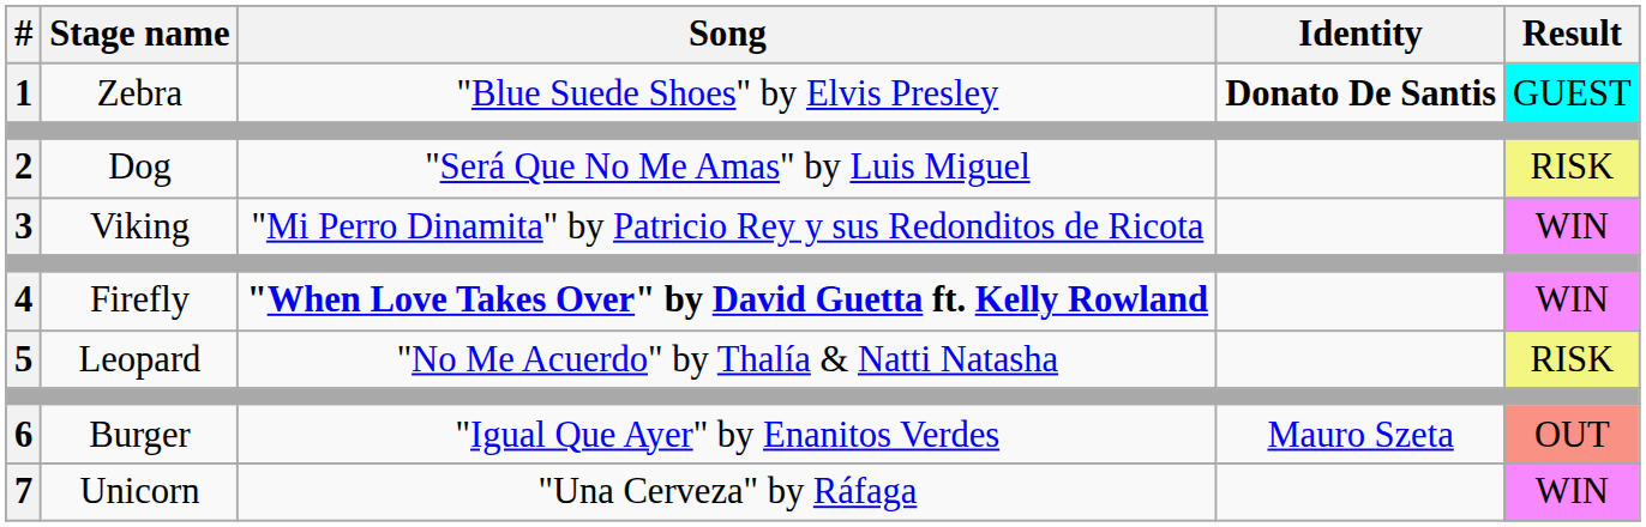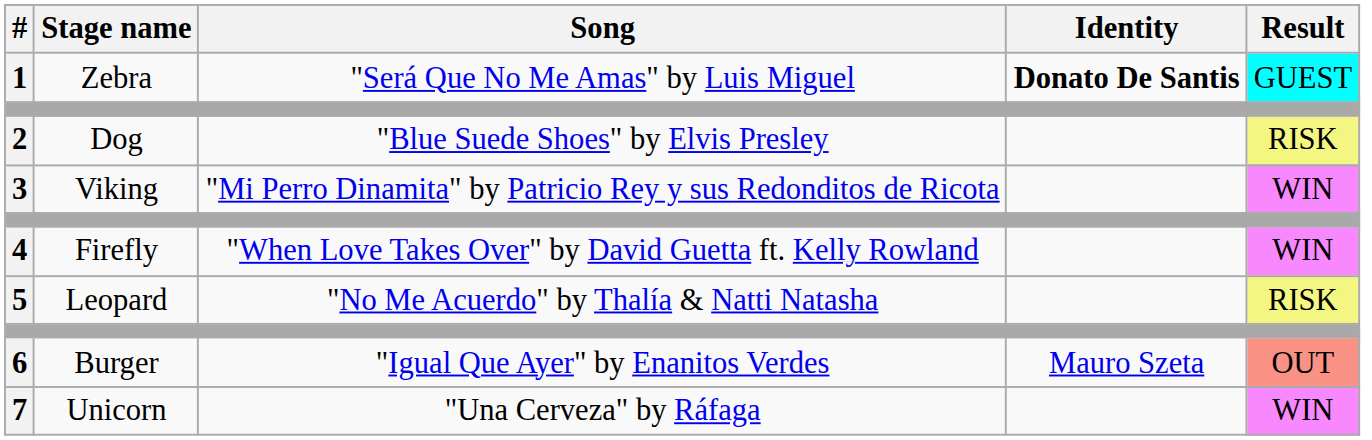 <table class="wikitable plainrowheaders" style="text-align: center;">
 <tr>
 <th>#</th>
 <th>Stage name</th>
 <th>Song</th>
 <th>Identity</th>
 <th>Result</th>
 </tr>
 <tr>
 <th>1</th>
 <td>Zebra</td>
-<td>"<a href='#'>Blue Suede Shoes</a>" by <a href='#'>Elvis Presley</a></td>
+<td>"<a href='#'>Será Que No Me Amas</a>" by <a href='#'>Luis Miguel</a></td>
 <td><strong>Donato De Santis</strong></td>
 <td bgcolor=#00ffff>GUEST</td>
 </tr>
 <tr>
 <td colspan="5" style="background:darkgray"></td>
 </tr>
 <tr>
 <th>2</th>
 <td>Dog</td>
-<td>"<a href='#'>Será Que No Me Amas</a>" by <a href='#'>Luis Miguel</a></td>
+<td>"<a href='#'>Blue Suede Shoes</a>" by <a href='#'>Elvis Presley</a></td>
 <td></td>
 <td bgcolor="#F3F781">RISK</td>
 </tr>
 <tr>
 <th>3</th>
 <td>Viking</td>
 <td>"<a href='#'>Mi Perro Dinamita</a>" by <a href='#'>Patricio Rey y sus Redonditos de Ricota</a></td>
 <td></td>
 <td bgcolor="#F888FD">WIN</td>
 </tr>
 <tr>
 <td colspan="5" style="background:darkgray"></td>
 </tr>
 <tr>
 <th>4</th>
 <td>Firefly</td>
-<td><strong>"<a href='#'>When Love Takes Over</a>" by <a href='#'>David Guetta</a> ft. <a href='#'>Kelly Rowland</a></strong></td>
+<td>"<a href='#'>When Love Takes Over</a>" by <a href='#'>David Guetta</a> ft. <a href='#'>Kelly Rowland</a></td>
 <td></td>
 <td bgcolor=#F888FD>WIN</td>
 </tr>
 <tr>
 <th>5</th>
 <td>Leopard</td>
 <td>"<a href='#'>No Me Acuerdo</a>" by <a href='#'>Thalía</a> & <a href='#'>Natti Natasha</a></td>
 <td></td>
 <td bgcolor="#F3F781">RISK</td>
 </tr>
 <tr>
 <td colspan="5" style="background:darkgray"></td>
 </tr>
 <tr>
 <th>6</th>
 <td>Burger</td>
 <td>"<a href='#'>Igual Que Ayer</a>" by <a href='#'>Enanitos Verdes</a></td>
 <td><a href='#'>Mauro Szeta</a></td>
 <td bgcolor="#F99185">OUT</td>
 </tr>
 <tr>
 <th>7</th>
 <td>Unicorn</td>
 <td>"Una Cerveza" by <a href='#'>Ráfaga</a></td>
 <td></td>
 <td bgcolor=#F888FD>WIN</td>
 </tr>
 </table>
